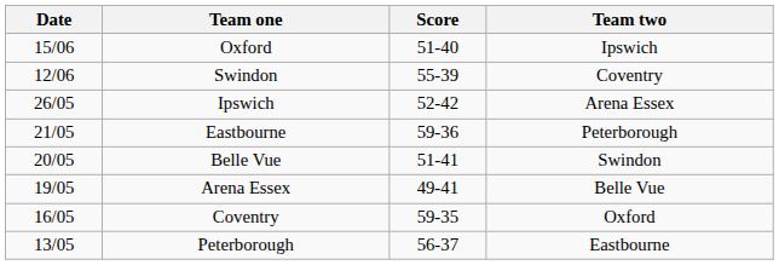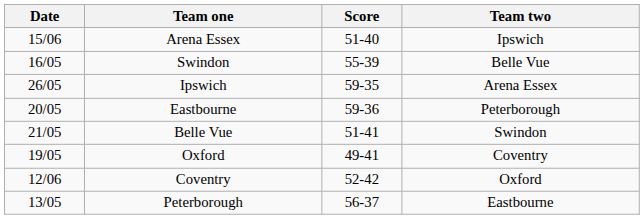 <table class="wikitable" style="text-align: center">
 <tr>
 <th width=80>Date</th>
 <th width=250>Team one</th>
 <th width=80>Score</th>
 <th width=250>Team two</th>
 </tr>
 <tr>
 <td>15/06</td>
-<td>Oxford</td>
+<td>Arena Essex</td>
 <td>51-40</td>
 <td>Ipswich</td>
 </tr>
 <tr>
-<td>12/06</td>
+<td>16/05</td>
 <td>Swindon</td>
 <td>55-39</td>
-<td>Coventry</td>
+<td>Belle Vue</td>
 </tr>
 <tr>
 <td>26/05</td>
 <td>Ipswich</td>
-<td>52-42</td>
+<td>59-35</td>
 <td>Arena Essex</td>
 </tr>
 <tr>
-<td>21/05</td>
+<td>20/05</td>
 <td>Eastbourne</td>
 <td>59-36</td>
 <td>Peterborough</td>
 </tr>
 <tr>
-<td>20/05</td>
+<td>21/05</td>
 <td>Belle Vue</td>
 <td>51-41</td>
 <td>Swindon</td>
 </tr>
 <tr>
 <td>19/05</td>
-<td>Arena Essex</td>
+<td>Oxford</td>
 <td>49-41</td>
-<td>Belle Vue</td>
+<td>Coventry</td>
 </tr>
 <tr>
-<td>16/05</td>
+<td>12/06</td>
 <td>Coventry</td>
-<td>59-35</td>
+<td>52-42</td>
 <td>Oxford</td>
 </tr>
 <tr>
 <td>13/05</td>
 <td>Peterborough</td>
 <td>56-37</td>
 <td>Eastbourne</td>
 </tr>
 </table>
